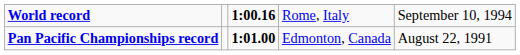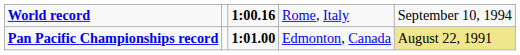 <table class="wikitable">
 <tr>
 <td><strong><a href='#'>World record</a></strong></td>
 <td></td>
 <td><strong>1:00.16</strong></td>
 <td><a href='#'>Rome</a>, <a href='#'>Italy</a></td>
 <td>September 10, 1994</td>
 </tr>
 <tr>
 <td><strong><a href='#'>Pan Pacific Championships record</a></strong></td>
 <td></td>
 <td><strong>1:01.00</strong></td>
 <td><a href='#'>Edmonton</a>, <a href='#'>Canada</a></td>
-<td>August 22, 1991</td>
+<td style="background: khaki;">August 22, 1991</td>
 </tr>
 </table>
